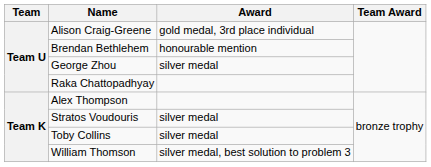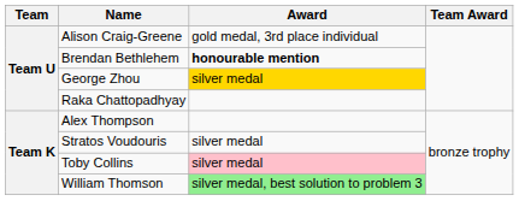 <table class="wikitable">
 <tr>
 <th>Team</th>
 <th>Name</th>
 <th>Award</th>
 <th>Team Award</th>
 </tr>
 <tr>
 <th rowspan=4 valign="middle">Team U</th>
 <td>Alison Craig-Greene</td>
 <td>gold medal, 3rd place individual</td>
 </tr>
 <tr>
 <td>Brendan Bethlehem</td>
-<td>honourable mention</td>
+<td><strong>honourable mention</strong></td>
 </tr>
 <tr>
 <td>George Zhou</td>
-<td>silver medal</td>
+<td style="background: gold;">silver medal</td>
 </tr>
 <tr>
 <td>Raka Chattopadhyay</td>
 <td></td>
 </tr>
 <tr>
 <th rowspan=4 valign="middle">Team K</th>
 <td>Alex Thompson</td>
 <td></td>
 <td rowspan=4 valign="middle">bronze trophy</td>
 </tr>
 <tr>
 <td>Stratos Voudouris</td>
 <td>silver medal</td>
 </tr>
 <tr>
 <td>Toby Collins</td>
-<td>silver medal</td>
+<td style="background: pink;">silver medal</td>
 </tr>
 <tr>
 <td>William Thomson</td>
-<td>silver medal, best solution to problem 3</td>
+<td style="background: lightgreen;">silver medal, best solution to problem 3</td>
 </tr>
 </table>
